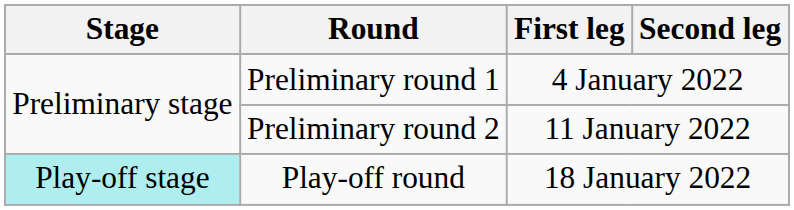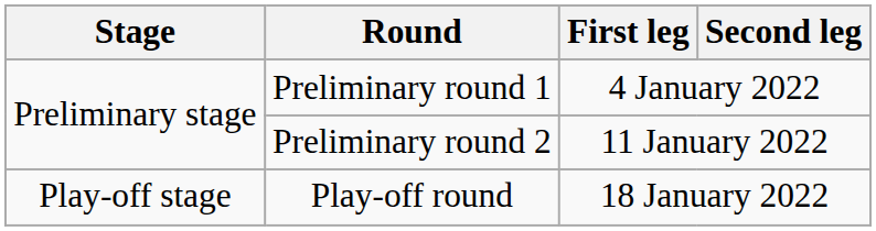 <table class="wikitable mw-collapsible mw-collapsed" style="text-align:center">
 <tr>
 <th>Stage</th>
 <th>Round</th>
 <th>First leg</th>
 <th>Second leg</th>
 </tr>
 <tr>
 <td rowspan=2>Preliminary stage</td>
 <td>Preliminary round 1</td>
 <td colspan=2>4 January 2022</td>
 </tr>
 <tr>
 <td>Preliminary round 2</td>
 <td colspan=2>11 January 2022</td>
 </tr>
 <tr>
-<td style="background: paleturquoise;">Play-off stage</td>
+<td>Play-off stage</td>
 <td>Play-off round</td>
 <td colspan=2>18 January 2022</td>
 </tr>
 </table>
